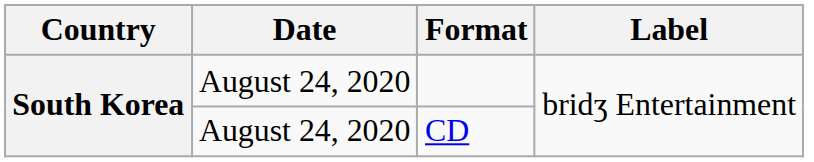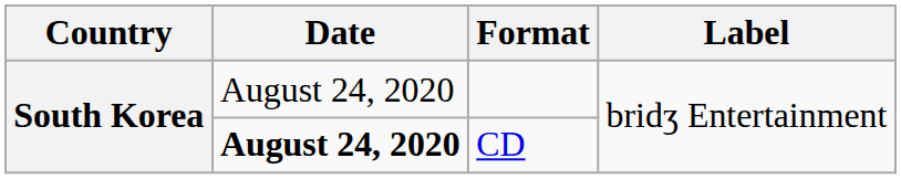 <table class="wikitable plainrowheaders">
 <tr>
 <th scope="col">Country</th>
 <th scope="col">Date</th>
 <th scope="col">Format</th>
 <th scope="col">Label</th>
 </tr>
 <tr>
 <th scope="row" rowspan="2">South Korea</th>
 <td>August 24, 2020</td>
 <td></td>
 <td rowspan="2">bridʒ Entertainment</td>
 </tr>
 <tr>
-<td>August 24, 2020</td>
+<td><strong>August 24, 2020</strong></td>
 <td><a href='#'>CD</a></td>
 </tr>
 </table>
